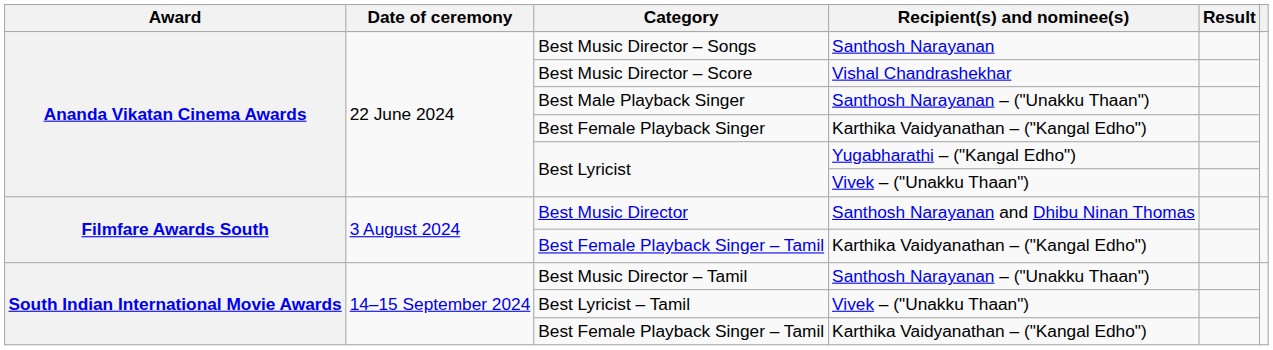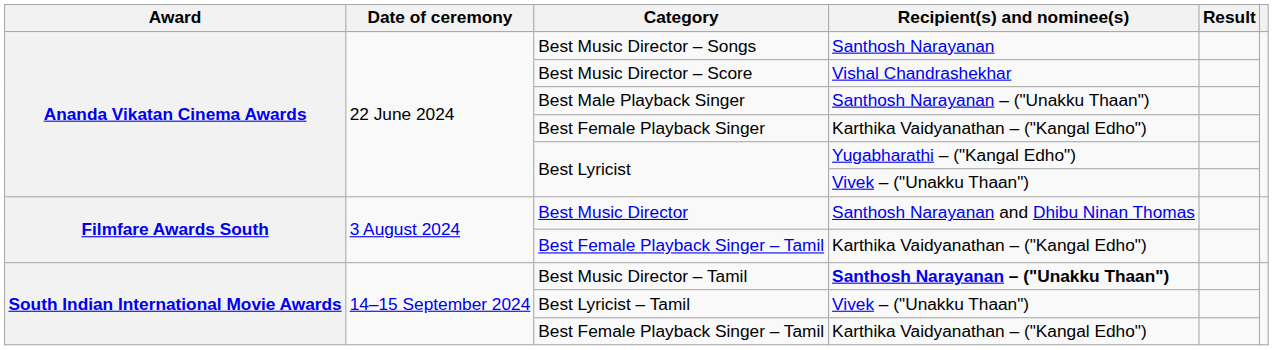 <table class="wikitable plainrowheaders sortable">
 <tr>
 <th scope="col">Award</th>
 <th scope="col">Date of ceremony</th>
 <th scope="col">Category</th>
 <th scope="col">Recipient(s) and nominee(s)</th>
 <th scope="col">Result</th>
 <th scope="col" class="unsortable"></th>
 </tr>
 <tr>
 <th scope="row" rowspan="6"><a href='#'>Ananda Vikatan Cinema Awards</a></th>
 <td rowspan="6">22 June 2024</td>
 <td>Best Music Director – Songs</td>
 <td><a href='#'>Santhosh Narayanan</a></td>
 <td></td>
 <td rowspan="6" style="text-align:center;"></td>
 </tr>
 <tr>
 <td>Best Music Director – Score</td>
 <td><a href='#'>Vishal Chandrashekhar</a></td>
 <td></td>
 </tr>
 <tr>
 <td>Best Male Playback Singer</td>
 <td><a href='#'>Santhosh Narayanan</a> – ("Unakku Thaan")</td>
 <td></td>
 </tr>
 <tr>
 <td>Best Female Playback Singer</td>
 <td>Karthika Vaidyanathan – ("Kangal Edho")</td>
 <td></td>
 </tr>
 <tr>
 <td rowspan="2">Best Lyricist</td>
 <td><a href='#'>Yugabharathi</a> – ("Kangal Edho")</td>
 <td></td>
 </tr>
 <tr>
 <td><a href='#'>Vivek</a> – ("Unakku Thaan")</td>
 <td></td>
 </tr>
 <tr>
 <th scope="row" rowspan="2"><a href='#'>Filmfare Awards South</a></th>
 <td rowspan="2"><a href='#'>3 August 2024</a></td>
 <td><a href='#'>Best Music Director</a></td>
 <td><a href='#'>Santhosh Narayanan</a> and <a href='#'>Dhibu Ninan Thomas</a></td>
 <td></td>
 <td rowspan="2" style="text-align:center;"><br><br><br></td>
 </tr>
 <tr>
 <td><a href='#'>Best Female Playback Singer – Tamil</a></td>
 <td>Karthika Vaidyanathan – ("Kangal Edho")</td>
 <td></td>
 </tr>
 <tr>
 <th scope="row" rowspan="3"><a href='#'>South Indian International Movie Awards</a></th>
 <td rowspan="3"><a href='#'>14–15 September 2024</a></td>
 <td>Best Music Director – Tamil</td>
-<td><a href='#'>Santhosh Narayanan</a> – ("Unakku Thaan")</td>
+<td><strong><a href='#'>Santhosh Narayanan</a> – ("Unakku Thaan")</strong></td>
 <td></td>
 <td rowspan="3" style="text-align:center;"><br></td>
 </tr>
 <tr>
 <td>Best Lyricist – Tamil</td>
 <td><a href='#'>Vivek</a> – ("Unakku Thaan")</td>
 <td></td>
 </tr>
 <tr>
 <td>Best Female Playback Singer – Tamil</td>
 <td>Karthika Vaidyanathan – ("Kangal Edho")</td>
 <td></td>
 </tr>
 </table>
